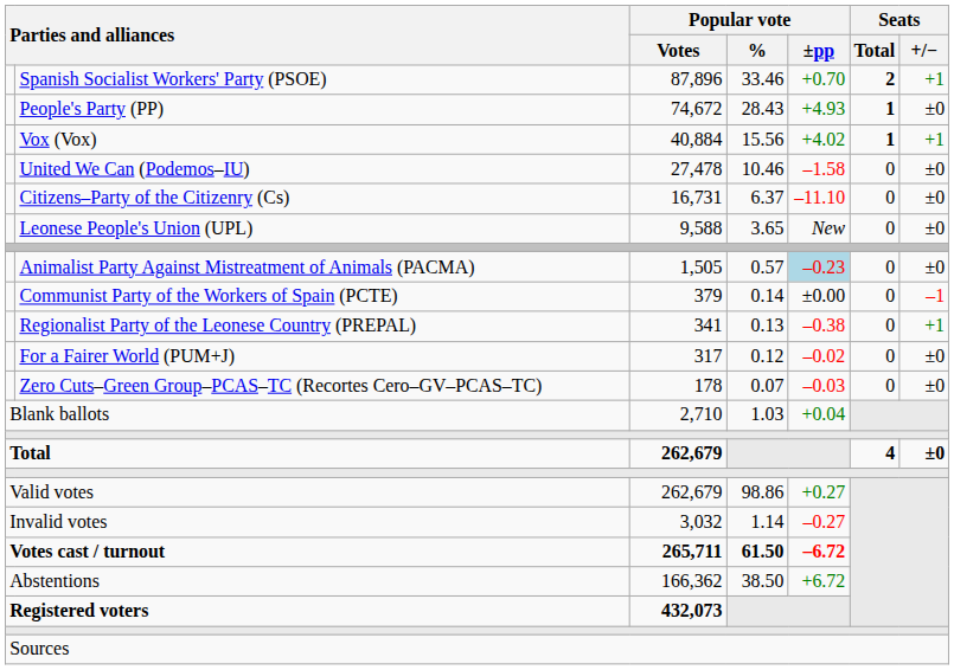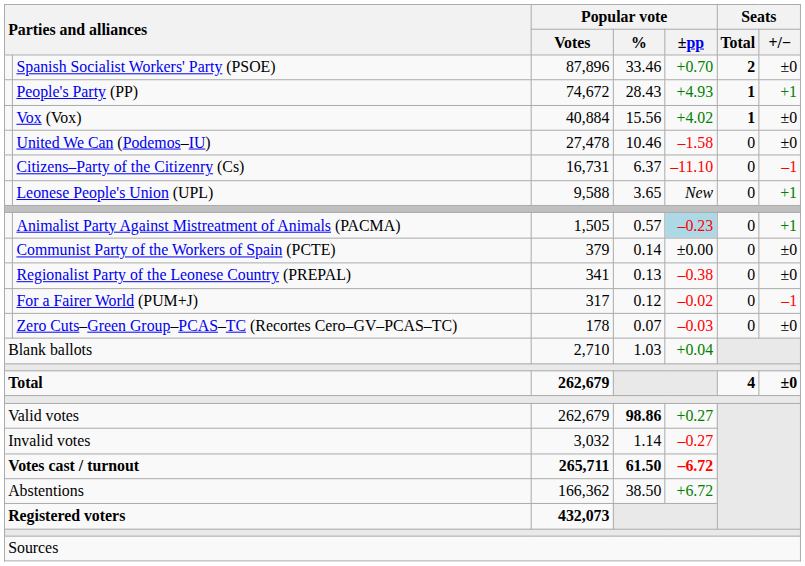 <table class="wikitable" style="text-align:right;">
 <tr>
 <th style="text-align:left;" rowspan="2" colspan="2" width="525">Parties and alliances</th>
 <th colspan="3">Popular vote</th>
 <th colspan="2">Seats</th>
 </tr>
 <tr>
 <th width="75">Votes</th>
 <th width="45">%</th>
 <th width="45">±<a href='#'>pp</a></th>
 <th width="35">Total</th>
 <th width="35">+/−</th>
 </tr>
 <tr>
 <td width="1" style="color:inherit;background:"></td>
 <td align="left"><a href='#'>Spanish Socialist Workers' Party</a> (PSOE)</td>
 <td>87,896</td>
 <td>33.46</td>
 <td style="color:green;">+0.70</td>
 <td><strong>2</strong></td>
-<td style="color:green;">+1</td>
+<td>±0</td>
 </tr>
 <tr>
 <td style="color:inherit;background:"></td>
 <td align="left"><a href='#'>People's Party</a> (PP)</td>
 <td>74,672</td>
 <td>28.43</td>
 <td style="color:green;">+4.93</td>
 <td><strong>1</strong></td>
-<td>±0</td>
+<td style="color:green;">+1</td>
 </tr>
 <tr>
 <td style="color:inherit;background:"></td>
 <td align="left"><a href='#'>Vox</a> (Vox)</td>
 <td>40,884</td>
 <td>15.56</td>
 <td style="color:green;">+4.02</td>
 <td><strong>1</strong></td>
-<td style="color:green;">+1</td>
+<td>±0</td>
 </tr>
 <tr>
 <td style="color:inherit;background:"></td>
 <td align="left"><a href='#'>United We Can</a> (<a href='#'>Podemos</a>–<a href='#'>IU</a>)</td>
 <td>27,478</td>
 <td>10.46</td>
 <td style="color:red;">–1.58</td>
 <td>0</td>
 <td>±0</td>
 </tr>
 <tr>
 <td style="color:inherit;background:"></td>
 <td align="left"><a href='#'>Citizens–Party of the Citizenry</a> (Cs)</td>
 <td>16,731</td>
 <td>6.37</td>
 <td style="color:red;">–11.10</td>
 <td>0</td>
-<td>±0</td>
+<td style="color:red;">–1</td>
 </tr>
 <tr>
 <td style="color:inherit;background:"></td>
 <td align="left"><a href='#'>Leonese People's Union</a> (UPL)</td>
 <td>9,588</td>
 <td>3.65</td>
 <td><em>New</em></td>
 <td>0</td>
-<td>±0</td>
+<td style="color:green;">+1</td>
 </tr>
 <tr>
 <td colspan="7" bgcolor="#C0C0C0"></td>
 </tr>
 <tr>
 <td style="color:inherit;background:"></td>
 <td align="left"><a href='#'>Animalist Party Against Mistreatment of Animals</a> (PACMA)</td>
 <td>1,505</td>
 <td>0.57</td>
 <td style="background: lightblue; color:red;">–0.23</td>
 <td>0</td>
-<td>±0</td>
+<td style="color:green;">+1</td>
 </tr>
 <tr>
 <td style="color:inherit;background:"></td>
 <td align="left"><a href='#'>Communist Party of the Workers of Spain</a> (PCTE)</td>
 <td>379</td>
 <td>0.14</td>
 <td>±0.00</td>
 <td>0</td>
-<td style="color:red;">–1</td>
+<td>±0</td>
 </tr>
 <tr>
 <td style="color:inherit;background:"></td>
 <td align="left"><a href='#'>Regionalist Party of the Leonese Country</a> (PREPAL)</td>
 <td>341</td>
 <td>0.13</td>
 <td style="color:red;">–0.38</td>
 <td>0</td>
-<td style="color:green;">+1</td>
+<td>±0</td>
 </tr>
 <tr>
 <td style="color:inherit;background:"></td>
 <td align="left"><a href='#'>For a Fairer World</a> (PUM+J)</td>
 <td>317</td>
 <td>0.12</td>
 <td style="color:red;">–0.02</td>
 <td>0</td>
-<td>±0</td>
+<td style="color:red;">–1</td>
 </tr>
 <tr>
 <td style="color:inherit;background:"></td>
 <td align="left"><a href='#'>Zero Cuts</a>–<a href='#'>Green Group</a>–<a href='#'>PCAS</a>–<a href='#'>TC</a> (Recortes Cero–GV–PCAS–TC)</td>
 <td>178</td>
 <td>0.07</td>
 <td style="color:red;">–0.03</td>
 <td>0</td>
 <td>±0</td>
 </tr>
 <tr>
 <td align="left" colspan="2">Blank ballots</td>
 <td>2,710</td>
 <td>1.03</td>
 <td style="color:green;">+0.04</td>
 <td bgcolor="#E9E9E9" colspan="2"></td>
 </tr>
 <tr>
 <td colspan="7" bgcolor="#E9E9E9"></td>
 </tr>
 <tr style="font-weight:bold;">
 <td align="left" colspan="2">Total</td>
 <td>262,679</td>
 <td bgcolor="#E9E9E9" colspan="2"></td>
 <td>4</td>
 <td>±0</td>
 </tr>
 <tr>
 <td colspan="7" bgcolor="#E9E9E9"></td>
 </tr>
 <tr>
 <td align="left" colspan="2">Valid votes</td>
 <td>262,679</td>
-<td>98.86</td>
+<td><strong>98.86</strong></td>
 <td style="color:green;">+0.27</td>
 <td bgcolor="#E9E9E9" colspan="2" rowspan="5"></td>
 </tr>
 <tr>
 <td align="left" colspan="2">Invalid votes</td>
 <td>3,032</td>
 <td>1.14</td>
 <td style="color:red;">–0.27</td>
 </tr>
 <tr style="font-weight:bold;">
 <td align="left" colspan="2">Votes cast / turnout</td>
 <td>265,711</td>
 <td>61.50</td>
 <td style="color:red;">–6.72</td>
 </tr>
 <tr>
 <td align="left" colspan="2">Abstentions</td>
 <td>166,362</td>
 <td>38.50</td>
 <td style="color:green;">+6.72</td>
 </tr>
 <tr style="font-weight:bold;">
 <td align="left" colspan="2">Registered voters</td>
 <td>432,073</td>
 <td bgcolor="#E9E9E9" colspan="2"></td>
 </tr>
 <tr>
 <td colspan="7" bgcolor="#E9E9E9"></td>
 </tr>
 <tr>
 <td align="left" colspan="7">Sources</td>
 </tr>
 </table>
